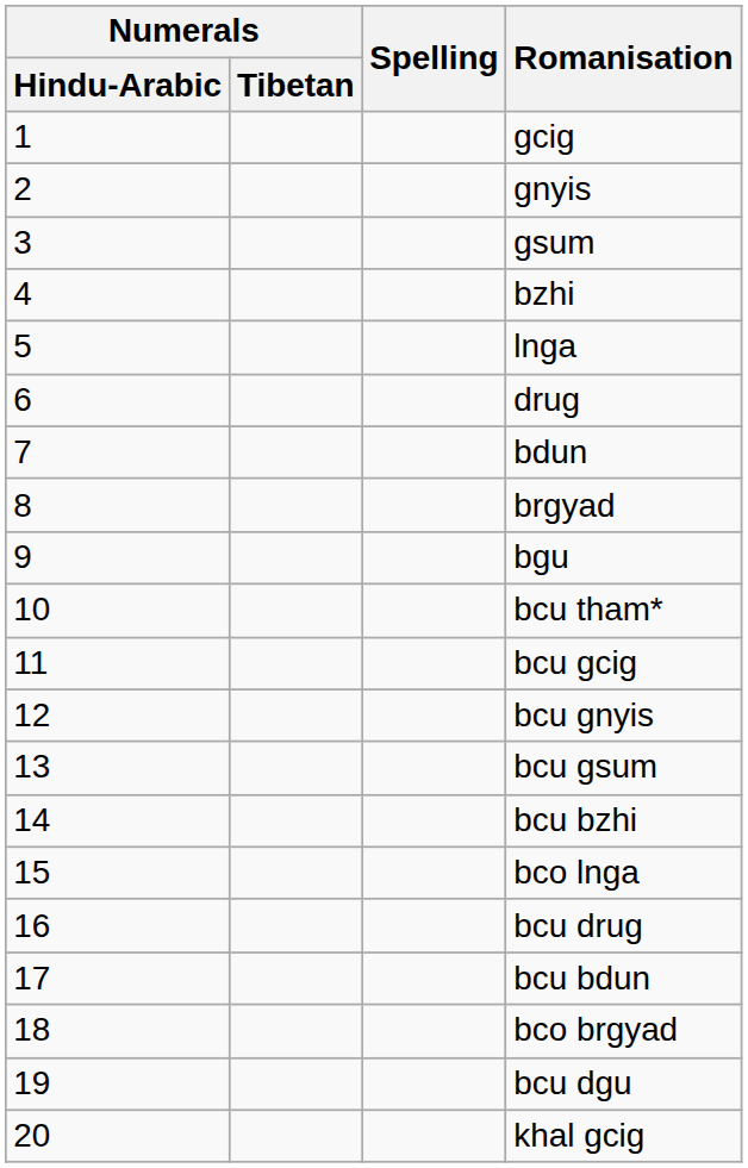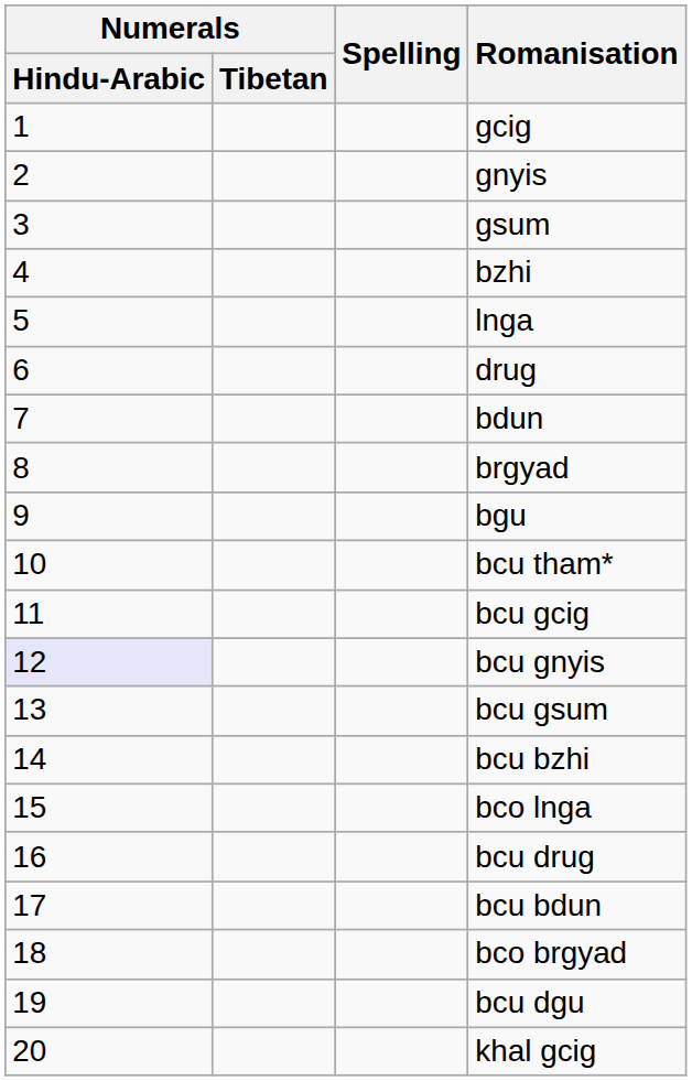 <table class="wikitable">
 <tr>
 <th colspan=2>Numerals</th>
 <th rowspan=2>Spelling</th>
 <th rowspan=2>Romanisation</th>
 </tr>
 <tr>
 <th>Hindu-Arabic</th>
 <th>Tibetan</th>
 </tr>
 <tr>
 <td>1</td>
 <td></td>
 <td></td>
 <td>gcig</td>
 </tr>
 <tr>
 <td>2</td>
 <td></td>
 <td></td>
 <td>gnyis</td>
 </tr>
 <tr>
 <td>3</td>
 <td></td>
 <td></td>
 <td>gsum</td>
 </tr>
 <tr>
 <td>4</td>
 <td></td>
 <td></td>
 <td>bzhi</td>
 </tr>
 <tr>
 <td>5</td>
 <td></td>
 <td></td>
 <td>lnga</td>
 </tr>
 <tr>
 <td>6</td>
 <td></td>
 <td></td>
 <td>drug</td>
 </tr>
 <tr>
 <td>7</td>
 <td></td>
 <td></td>
 <td>bdun</td>
 </tr>
 <tr>
 <td>8</td>
 <td></td>
 <td></td>
 <td>brgyad</td>
 </tr>
 <tr>
 <td>9</td>
 <td></td>
 <td></td>
 <td>bgu</td>
 </tr>
 <tr>
 <td>10</td>
 <td></td>
 <td></td>
 <td>bcu tham*</td>
 </tr>
 <tr>
 <td>11</td>
 <td></td>
 <td></td>
 <td>bcu gcig</td>
 </tr>
 <tr>
-<td>12</td>
+<td style="background: lavender;">12</td>
 <td></td>
 <td></td>
 <td>bcu gnyis</td>
 </tr>
 <tr>
 <td>13</td>
 <td></td>
 <td></td>
 <td>bcu gsum</td>
 </tr>
 <tr>
 <td>14</td>
 <td></td>
 <td></td>
 <td>bcu bzhi</td>
 </tr>
 <tr>
 <td>15</td>
 <td></td>
 <td></td>
 <td>bco lnga</td>
 </tr>
 <tr>
 <td>16</td>
 <td></td>
 <td></td>
 <td>bcu drug</td>
 </tr>
 <tr>
 <td>17</td>
 <td></td>
 <td></td>
 <td>bcu bdun</td>
 </tr>
 <tr>
 <td>18</td>
 <td></td>
 <td></td>
 <td>bco brgyad</td>
 </tr>
 <tr>
 <td>19</td>
 <td></td>
 <td></td>
 <td>bcu dgu</td>
 </tr>
 <tr>
 <td>20</td>
 <td></td>
 <td></td>
 <td>khal gcig</td>
 </tr>
 </table>
